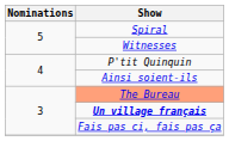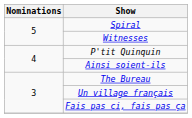 <table class="wikitable sortable" style="text-align: center; max-width:29em">
 <tr>
 <th scope="col">Nominations</th>
 <th scope="col">Show</th>
 </tr>
 <tr>
 <td scope="row" rowspan="2">5</td>
 <td><em><a href='#'>Spiral</a></em></td>
 </tr>
 <tr>
 <td><em><a href='#'>Witnesses</a></em></td>
 </tr>
 <tr>
 <td scope="row" rowspan="2">4</td>
 <td><em>P'tit Quinquin</em></td>
 </tr>
 <tr>
 <td><em><a href='#'>Ainsi soient-ils</a></em></td>
 </tr>
 <tr>
 <td scope="row" rowspan="3">3</td>
-<td style="background: lightsalmon;"><em><a href='#'>The Bureau</a></em></td>
+<td><em><a href='#'>The Bureau</a></em></td>
 </tr>
 <tr>
-<td><strong><em><a href='#'>Un village français</a></em></strong></td>
+<td><em><a href='#'>Un village français</a></em></td>
 </tr>
 <tr>
 <td><em><a href='#'>Fais pas ci, fais pas ça</a></em></td>
 </tr>
 <tr>
 </tr>
 </table>
